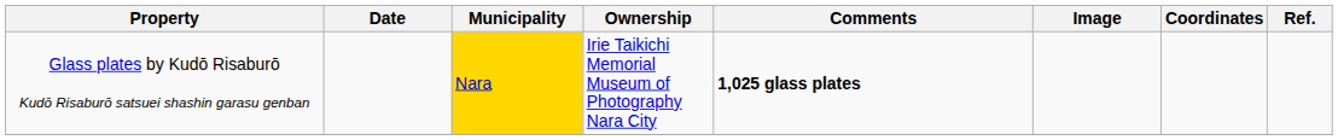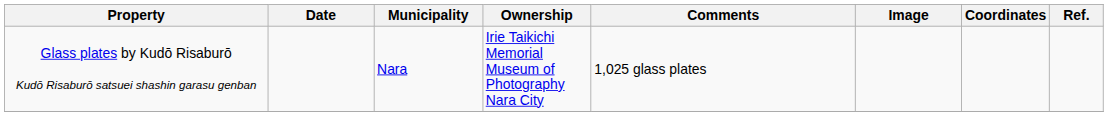 <table class="wikitable sortable"  style="width:100%;">
 <tr>
 <th width="25%" align="left">Property</th>
 <th width="10%" align="left" data-sort-type="number">Date</th>
 <th width="10%" align="left">Municipality</th>
 <th width="10%" align="left">Ownership</th>
 <th width="25%" align="left" class="unsortable">Comments</th>
 <th width="10%" align="left" class="unsortable">Image</th>
 <th width="5%" align="left" class="unsortable">Coordinates</th>
 <th width="5%" align="left" class="unsortable">Ref.</th>
 </tr>
 <tr>
 <td align="center"><a href='#'>Glass plates</a> by Kudō Risaburō<br><br><small><em>Kudō Risaburō satsuei shashin garasu genban</em></small></td>
 <td></td>
-<td style="background: gold;"><a href='#'>Nara</a></td>
+<td><a href='#'>Nara</a></td>
 <td><a href='#'>Irie Taikichi Memorial Museum of Photography Nara City</a></td>
-<td><strong>1,025 glass plates</strong></td>
+<td>1,025 glass plates</td>
 <td></td>
 <td></td>
 <td></td>
 </tr>
 <tr>
 </tr>
 </table>
